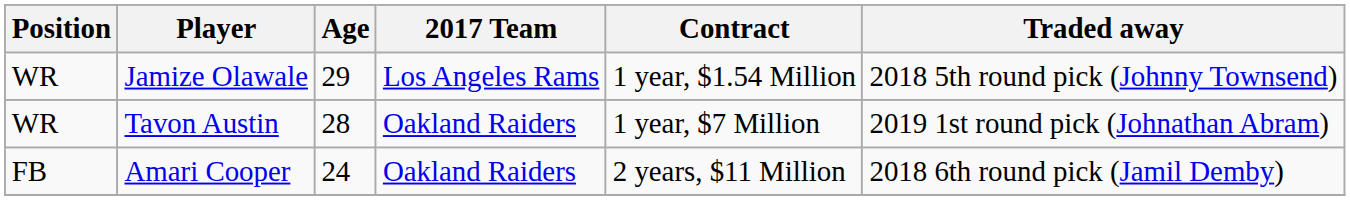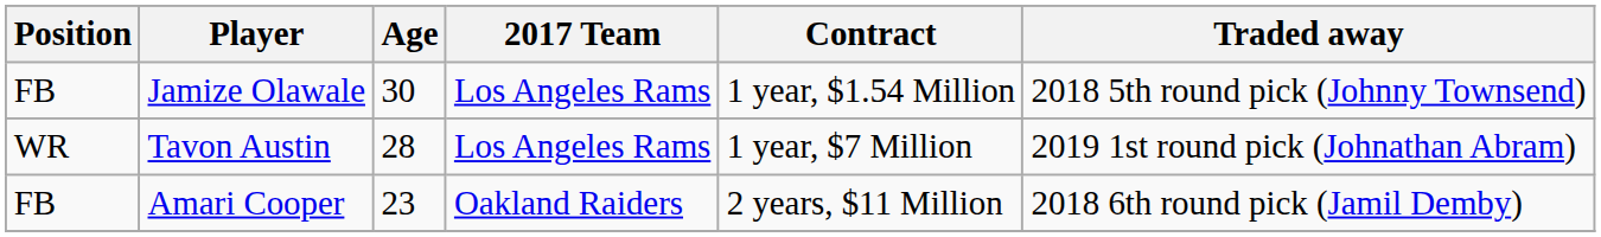 <table class="wikitable" style="font-size: 95%; text-align: left">
 <tr>
 <th>Position</th>
 <th>Player</th>
 <th>Age</th>
 <th>2017 Team</th>
 <th>Contract</th>
 <th>Traded away</th>
 </tr>
 <tr>
-<td>WR</td>
+<td>FB</td>
 <td><a href='#'>Jamize Olawale</a></td>
-<td>29</td>
+<td>30</td>
 <td><a href='#'>Los Angeles Rams</a></td>
 <td>1 year, $1.54 Million</td>
 <td>2018 5th round pick (<a href='#'>Johnny Townsend</a>)</td>
 </tr>
 <tr>
 <td>WR</td>
 <td><a href='#'>Tavon Austin</a></td>
 <td>28</td>
-<td><a href='#'>Oakland Raiders</a></td>
+<td><a href='#'>Los Angeles Rams</a></td>
 <td>1 year, $7 Million</td>
 <td>2019 1st round pick (<a href='#'>Johnathan Abram</a>)</td>
 </tr>
 <tr>
 <td>FB</td>
 <td><a href='#'>Amari Cooper</a></td>
-<td>24</td>
+<td>23</td>
 <td><a href='#'>Oakland Raiders</a></td>
 <td>2 years, $11 Million</td>
 <td>2018 6th round pick (<a href='#'>Jamil Demby</a>)</td>
 </tr>
 <tr>
 </tr>
 </table>
